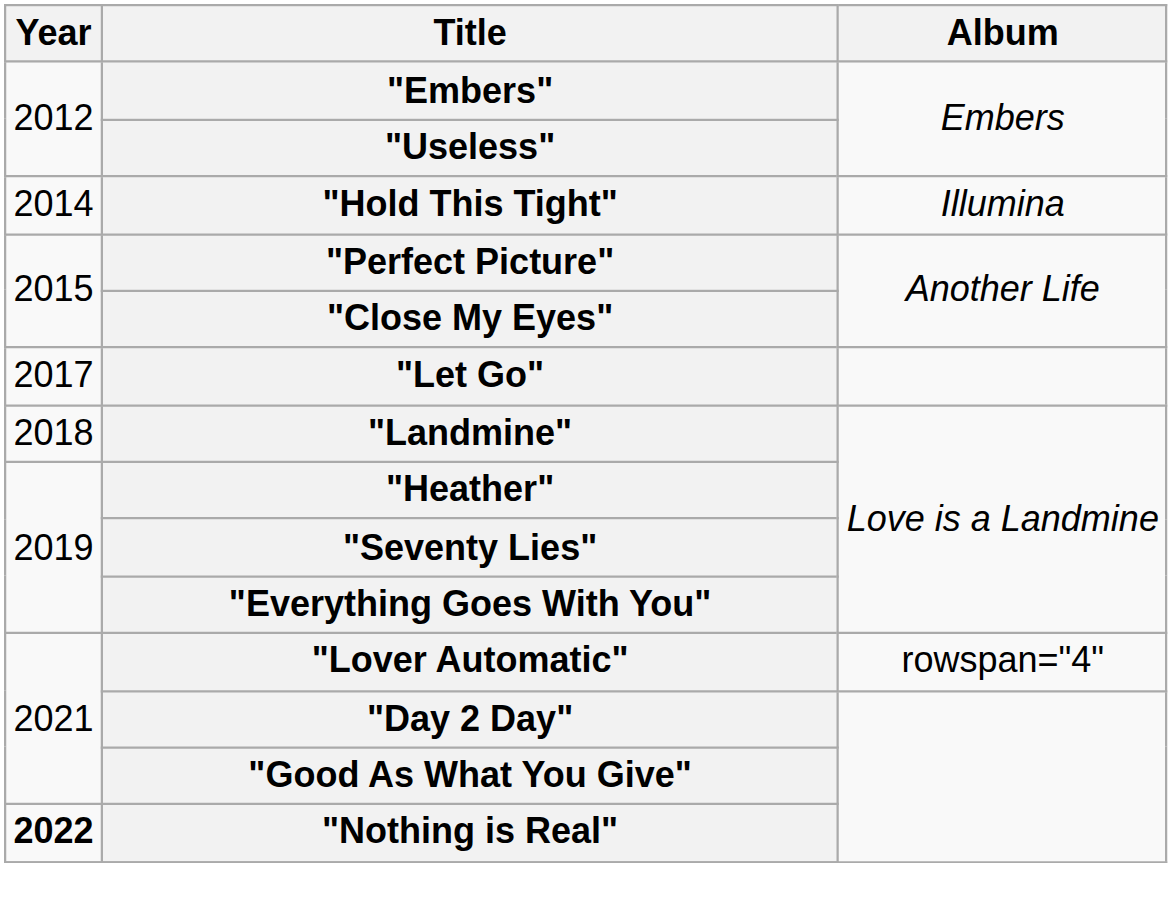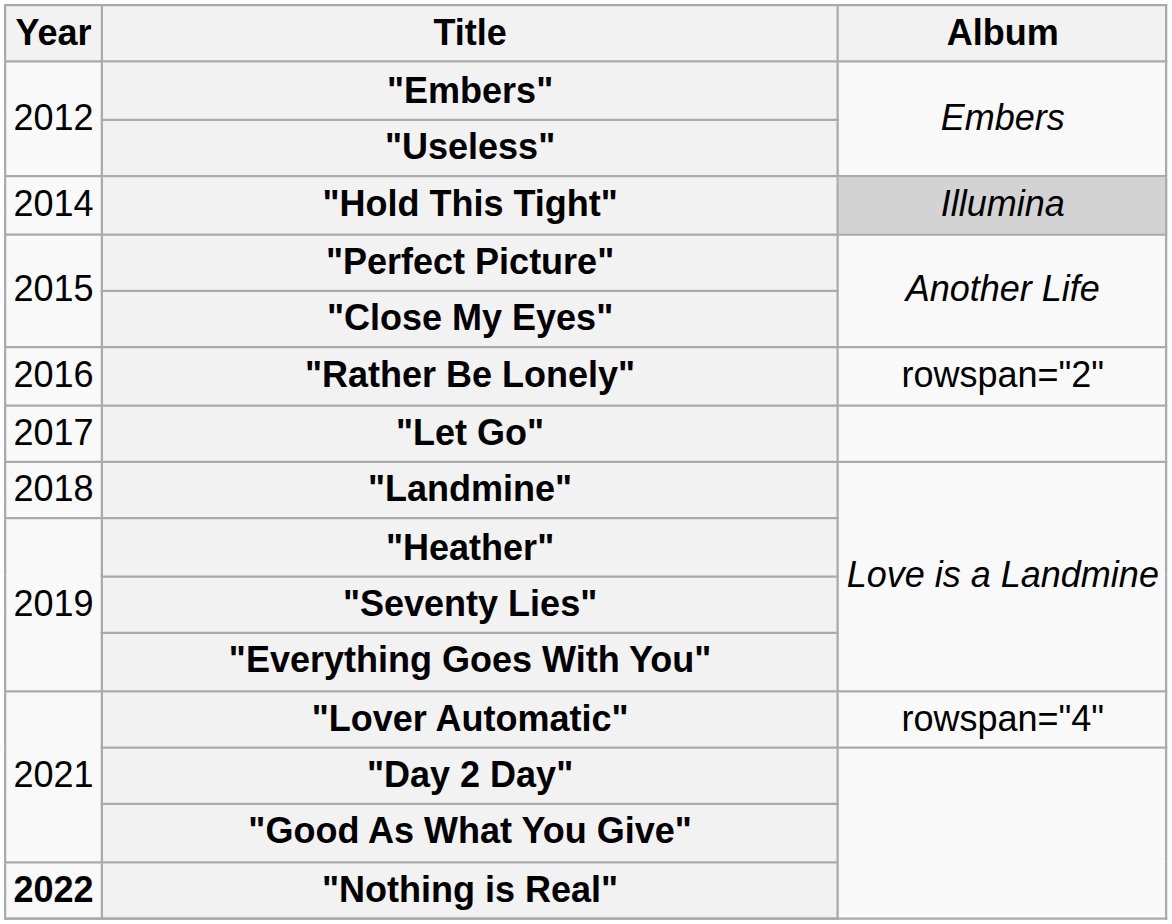 <table class="wikitable plainrowheaders" style="text-align:center;" border="1">
 <tr>
 <th scope="col">Year</th>
 <th scope="col" style="width:20em;">Title</th>
 <th scope="col">Album</th>
 </tr>
 <tr>
 <td rowspan="2">2012</td>
 <th scope="row">"Embers"</th>
 <td rowspan="2"><em>Embers</em></td>
 </tr>
 <tr>
 <th scope="row">"Useless"</th>
 </tr>
 <tr>
 <td>2014</td>
 <th scope="row">"Hold This Tight"</th>
-<td><em>Illumina</em></td>
+<td style="background: lightgrey;"><em>Illumina</em></td>
 </tr>
 <tr>
 <td rowspan="2">2015</td>
 <th scope="row">"Perfect Picture"</th>
 <td rowspan="2"><em>Another Life</em></td>
 </tr>
 <tr>
 <th scope="row">"Close My Eyes"</th>
+</tr>
+<tr>
+<td>2016</td>
+<th scope="row">"Rather Be Lonely"</th>
+<td>rowspan="2" </td>
 </tr>
 <tr>
 <td>2017</td>
 <th scope="row">"Let Go"</th>
 </tr>
 <tr>
 <td>2018</td>
 <th scope="row">"Landmine"</th>
 <td rowspan="4"><em>Love is a Landmine</em></td>
 </tr>
 <tr>
 <td rowspan="3">2019</td>
 <th scope="row">"Heather"</th>
 </tr>
 <tr>
 <th scope="row">"Seventy Lies"</th>
 </tr>
 <tr>
 <th scope="row">"Everything Goes With You"</th>
 </tr>
 <tr>
 <td rowspan="3">2021</td>
 <th scope="row">"Lover Automatic"</th>
 <td>rowspan="4" </td>
 </tr>
 <tr>
 <th scope="row">"Day 2 Day"</th>
 </tr>
 <tr>
 <th scope="row">"Good As What You Give"</th>
 </tr>
 <tr>
 <td><strong>2022</strong></td>
 <th scope="row">"Nothing is Real"</th>
 </tr>
 <tr>
 </tr>
 </table>
